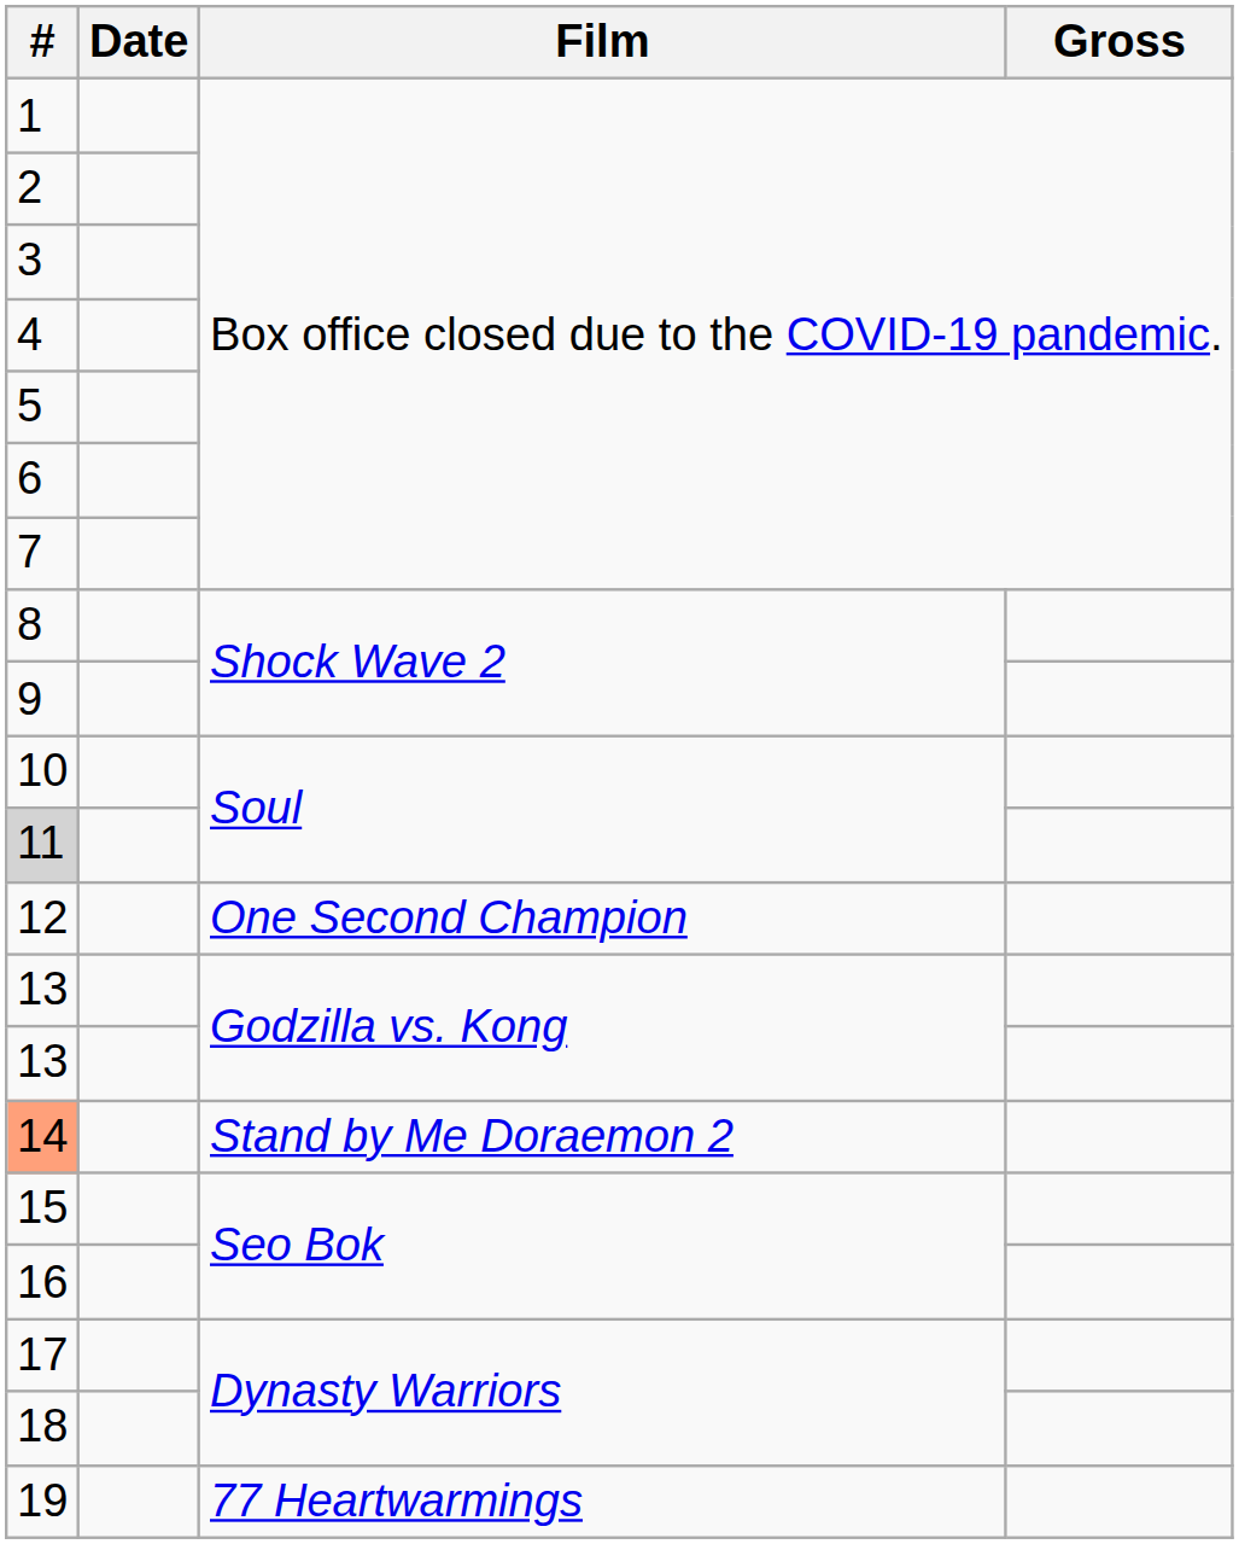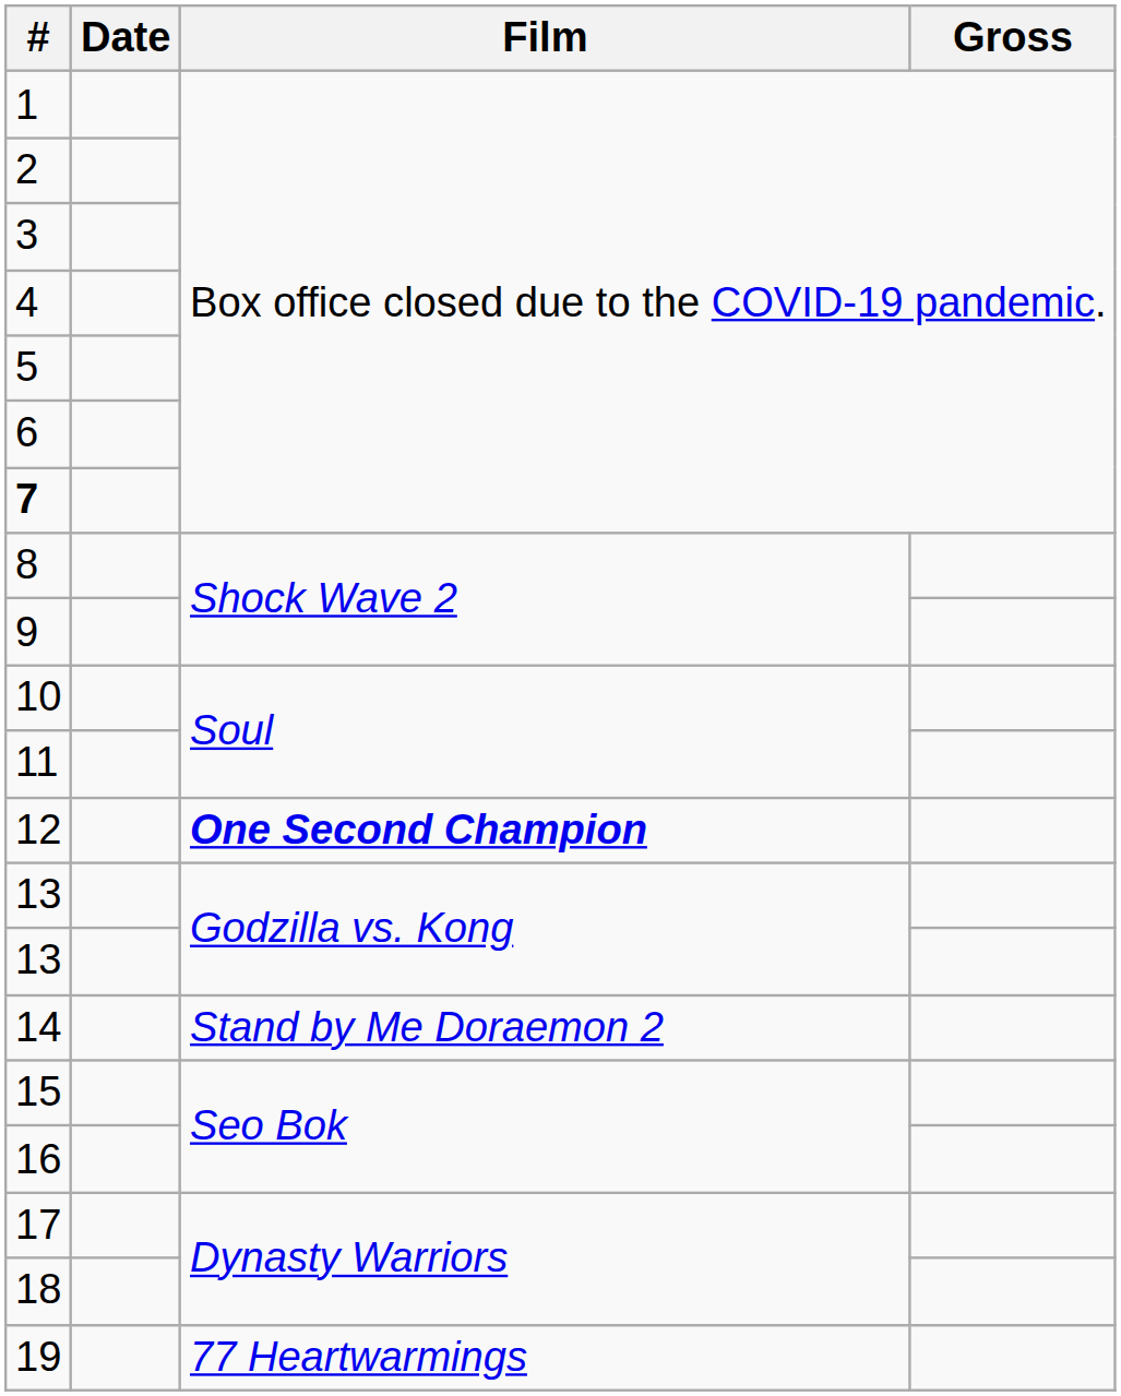 <table class="wikitable sortable">
 <tr>
 <th>#</th>
 <th>Date</th>
 <th>Film</th>
 <th>Gross</th>
 </tr>
 <tr>
 <td>1</td>
 <td></td>
 <td rowspan="7" colspan="2">Box office closed due to the <a href='#'>COVID-19 pandemic</a>.</td>
 </tr>
 <tr>
 <td>2</td>
 <td></td>
 </tr>
 <tr>
 <td>3</td>
 <td></td>
 </tr>
 <tr>
 <td>4</td>
 <td></td>
 </tr>
 <tr>
 <td>5</td>
 <td></td>
 </tr>
 <tr>
 <td>6</td>
 <td></td>
 </tr>
 <tr>
-<td>7</td>
+<td><strong>7</strong></td>
 <td></td>
 </tr>
 <tr>
 <td>8</td>
 <td></td>
 <td rowspan="2"><em><a href='#'>Shock Wave 2</a></em></td>
 <td></td>
 </tr>
 <tr>
 <td>9</td>
 <td></td>
 <td></td>
 </tr>
 <tr>
 <td>10</td>
 <td></td>
 <td rowspan="2"><em><a href='#'>Soul</a></em></td>
 <td></td>
 </tr>
 <tr>
-<td style="background: lightgrey;">11</td>
+<td>11</td>
 <td></td>
 <td></td>
 </tr>
 <tr>
 <td>12</td>
 <td></td>
-<td><em><a href='#'>One Second Champion</a></em></td>
+<td><strong><em><a href='#'>One Second Champion</a></em></strong></td>
 <td></td>
 </tr>
 <tr>
 <td>13</td>
 <td></td>
 <td rowspan="2"><em><a href='#'>Godzilla vs. Kong</a></em></td>
 <td></td>
 </tr>
 <tr>
 <td>13</td>
 <td></td>
 <td></td>
 </tr>
 <tr>
-<td style="background: lightsalmon;">14</td>
+<td>14</td>
 <td></td>
 <td><em><a href='#'>Stand by Me Doraemon 2</a></em></td>
 <td></td>
 </tr>
 <tr>
 <td>15</td>
 <td></td>
 <td rowspan="2"><em><a href='#'>Seo Bok</a></em></td>
 <td></td>
 </tr>
 <tr>
 <td>16</td>
 <td></td>
 <td></td>
 </tr>
 <tr>
 <td>17</td>
 <td></td>
 <td rowspan="2"><em><a href='#'>Dynasty Warriors</a></em></td>
 <td></td>
 </tr>
 <tr>
 <td>18</td>
 <td></td>
 <td></td>
 </tr>
 <tr>
 <td>19</td>
 <td></td>
 <td><em><a href='#'>77 Heartwarmings</a></em></td>
 <td></td>
 </tr>
 </table>
